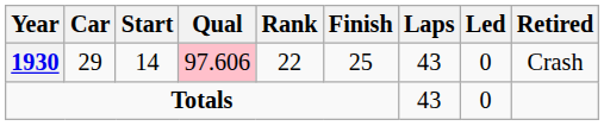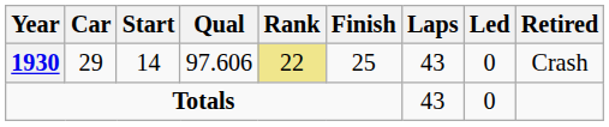 <table class="wikitable" style="text-align:center">
 <tr>
 <th>Year</th>
 <th>Car</th>
 <th>Start</th>
 <th>Qual</th>
 <th>Rank</th>
 <th>Finish</th>
 <th>Laps</th>
 <th>Led</th>
 <th>Retired</th>
 </tr>
 <tr>
 <th><a href='#'>1930</a></th>
 <td>29</td>
 <td>14</td>
-<td style="background: pink;">97.606</td>
-<td>22</td>
+<td>97.606</td>
+<td style="background: khaki;">22</td>
 <td>25</td>
 <td>43</td>
 <td>0</td>
 <td>Crash</td>
 </tr>
 <tr>
 <td colspan=6><strong>Totals</strong></td>
 <td>43</td>
 <td>0</td>
 <td></td>
 </tr>
 </table>
